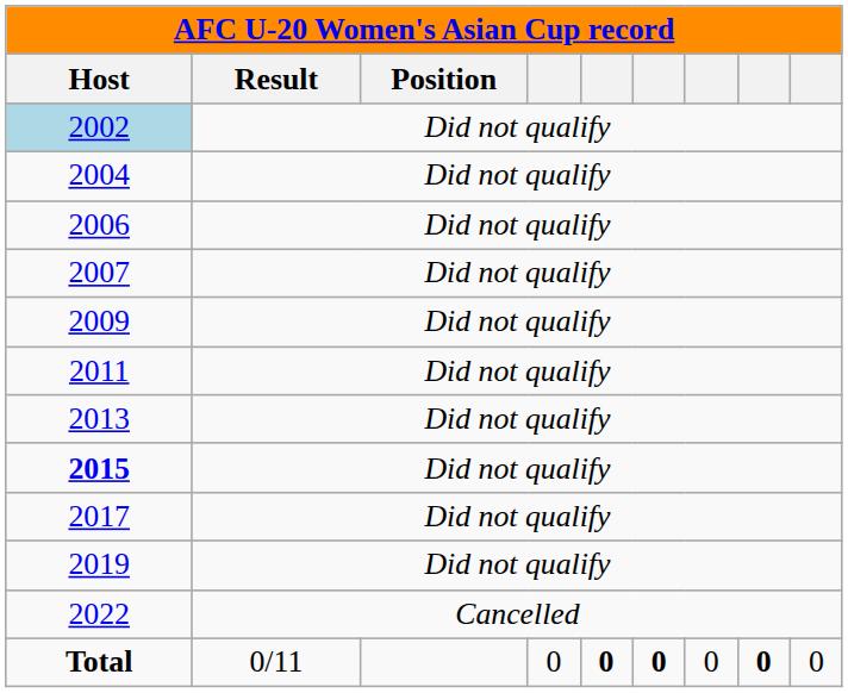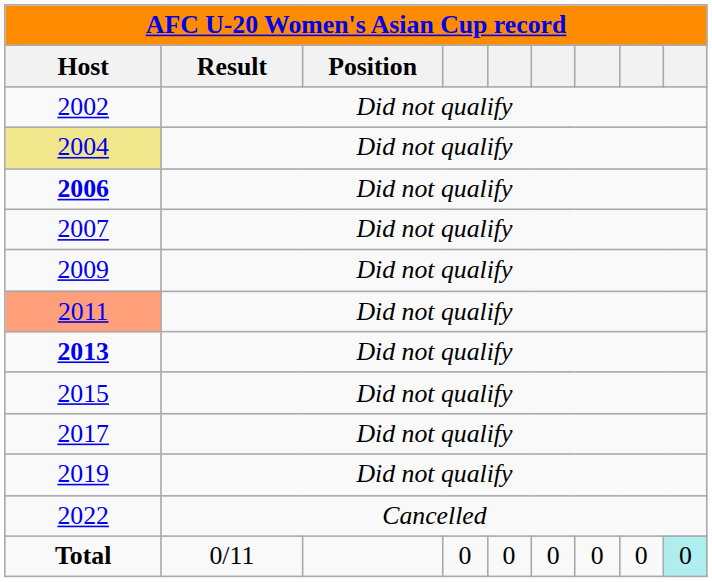 <table class="wikitable collapsible" style="text-align: center;">
 <tr>
 <th colspan=12 style="background: #FF8C00; color: #0000FF;"><a href='#'>AFC U-20 Women's Asian Cup record</a></th>
 </tr>
 <tr>
 <th width="90">Host</th>
 <th width="80">Result</th>
 <th width="80">Position</th>
 <th width="20"></th>
 <th width="20"></th>
 <th width="20"></th>
 <th width="20"></th>
 <th width="20"></th>
 <th width="20"></th>
 </tr>
 <tr>
-<td style="background: lightblue;"> <a href='#'>2002</a></td>
+<td> <a href='#'>2002</a></td>
 <td colspan=10><em>Did not qualify</em></td>
 </tr>
 <tr>
-<td> <a href='#'>2004</a></td>
+<td style="background: khaki;"> <a href='#'>2004</a></td>
 <td colspan=10><em>Did not qualify</em></td>
 </tr>
 <tr>
-<td> <a href='#'>2006</a></td>
+<td><strong> <a href='#'>2006</a></strong></td>
 <td colspan=10><em>Did not qualify</em></td>
 </tr>
 <tr>
 <td> <a href='#'>2007</a></td>
 <td colspan=10><em>Did not qualify</em></td>
 </tr>
 <tr>
 <td> <a href='#'>2009</a></td>
 <td colspan=10><em>Did not qualify</em></td>
 </tr>
 <tr>
-<td> <a href='#'>2011</a></td>
+<td style="background: lightsalmon;"> <a href='#'>2011</a></td>
 <td colspan=10><em>Did not qualify</em></td>
 </tr>
 <tr>
-<td> <a href='#'>2013</a></td>
+<td><strong> <a href='#'>2013</a></strong></td>
 <td colspan=10><em>Did not qualify</em></td>
 </tr>
 <tr>
-<td><strong> <a href='#'>2015</a></strong></td>
+<td> <a href='#'>2015</a></td>
 <td colspan=10><em>Did not qualify</em></td>
 </tr>
 <tr>
 <td> <a href='#'>2017</a></td>
 <td colspan=10><em>Did not qualify</em></td>
 </tr>
 <tr>
 <td> <a href='#'>2019</a></td>
 <td colspan=10><em>Did not qualify</em></td>
 </tr>
 <tr>
 <td> <a href='#'>2022</a></td>
 <td colspan=10><em>Cancelled</em></td>
 </tr>
 <tr>
 <td><strong>Total</strong></td>
 <td>0/11</td>
 <td></td>
 <td>0</td>
-<td><strong>0</strong></td>
-<td><strong>0</strong></td>
 <td>0</td>
-<td><strong>0</strong></td>
 <td>0</td>
+<td>0</td>
+<td>0</td>
+<td style="background: paleturquoise;">0</td>
 </tr>
 </table>
